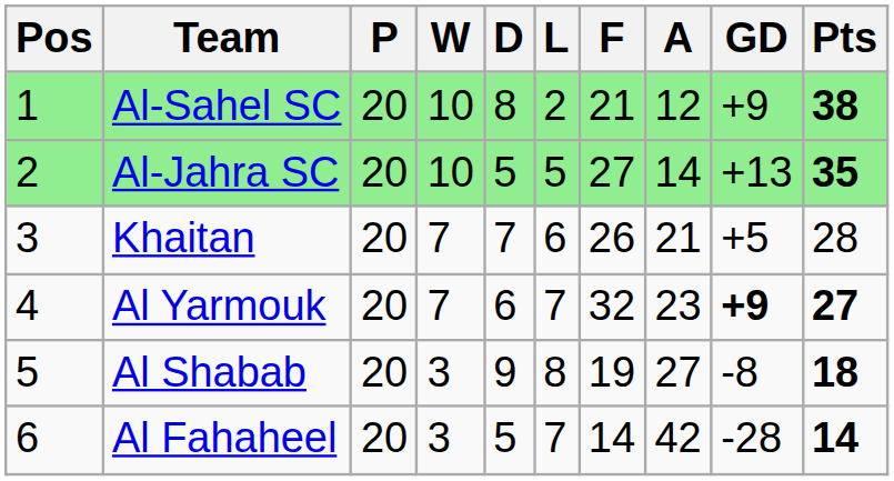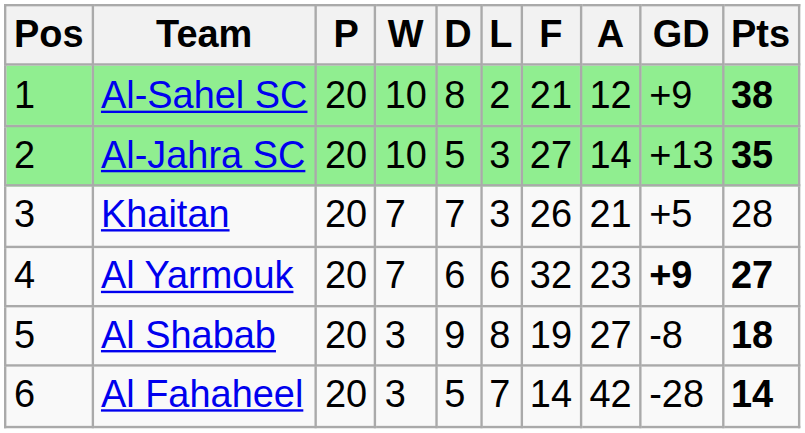 <table class="wikitable sortable">
 <tr>
 <th>Pos</th>
 <th>Team</th>
 <th>P</th>
 <th>W</th>
 <th>D</th>
 <th>L</th>
 <th>F</th>
 <th>A</th>
 <th>GD</th>
 <th>Pts</th>
 </tr>
 <tr style="background: #90EE90;">
 <td>1</td>
 <td><a href='#'>Al-Sahel SC</a></td>
 <td>20</td>
 <td>10</td>
 <td>8</td>
 <td>2</td>
 <td>21</td>
 <td>12</td>
 <td>+9</td>
 <td><strong>38</strong></td>
 </tr>
 <tr style="background: #90EE90;">
 <td>2</td>
 <td><a href='#'>Al-Jahra SC</a></td>
 <td>20</td>
 <td>10</td>
 <td>5</td>
-<td>5</td>
+<td>3</td>
 <td>27</td>
 <td>14</td>
 <td>+13</td>
 <td><strong>35</strong></td>
 </tr>
 <tr>
 <td>3</td>
 <td><a href='#'>Khaitan</a></td>
 <td>20</td>
 <td>7</td>
 <td>7</td>
-<td>6</td>
+<td>3</td>
 <td>26</td>
 <td>21</td>
 <td>+5</td>
 <td>28</td>
 </tr>
 <tr>
 <td>4</td>
 <td><a href='#'>Al Yarmouk</a></td>
 <td>20</td>
 <td>7</td>
 <td>6</td>
-<td>7</td>
+<td>6</td>
 <td>32</td>
 <td>23</td>
 <td><strong>+9</strong></td>
 <td><strong>27</strong></td>
 </tr>
 <tr>
 <td>5</td>
 <td><a href='#'>Al Shabab</a></td>
 <td>20</td>
 <td>3</td>
 <td>9</td>
 <td>8</td>
 <td>19</td>
 <td>27</td>
 <td>-8</td>
 <td><strong>18</strong></td>
 </tr>
 <tr>
 <td>6</td>
 <td><a href='#'>Al Fahaheel</a></td>
 <td>20</td>
 <td>3</td>
 <td>5</td>
 <td>7</td>
 <td>14</td>
 <td>42</td>
 <td>-28</td>
 <td><strong>14</strong></td>
 </tr>
 </table>
